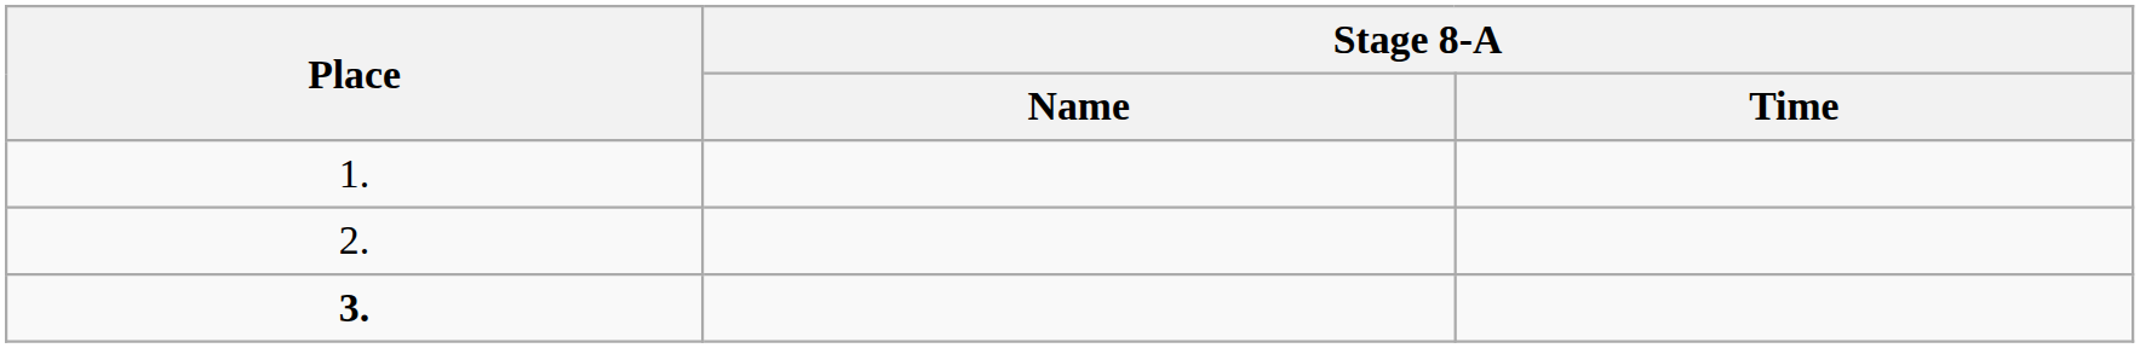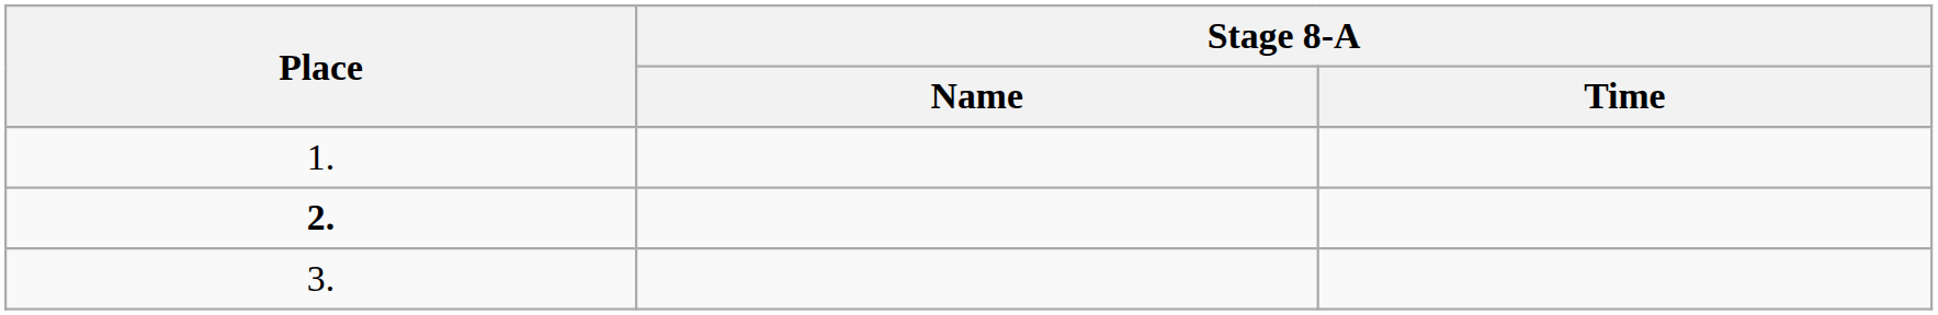 <table class=wikitable style="font-size:95%" width="50%">
 <tr>
 <th rowspan="2">Place</th>
 <th colspan="2">Stage 8-A</th>
 </tr>
 <tr>
 <th>Name</th>
 <th>Time</th>
 </tr>
 <tr>
 <td align="center">1.</td>
 <td></td>
 <td></td>
 </tr>
 <tr>
-<td align="center">2.</td>
+<td align="center"><strong>2.</strong></td>
 <td></td>
 <td></td>
 </tr>
 <tr>
-<td align="center"><strong>3.</strong></td>
+<td align="center">3.</td>
 <td></td>
 <td></td>
 </tr>
 </table>
